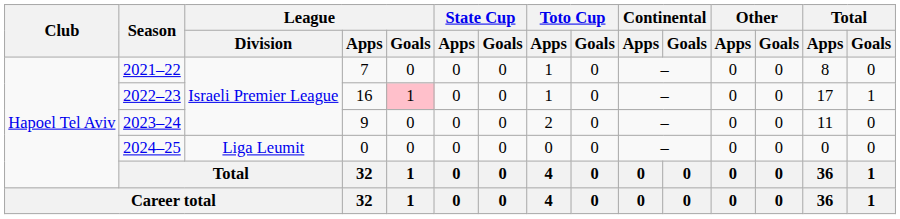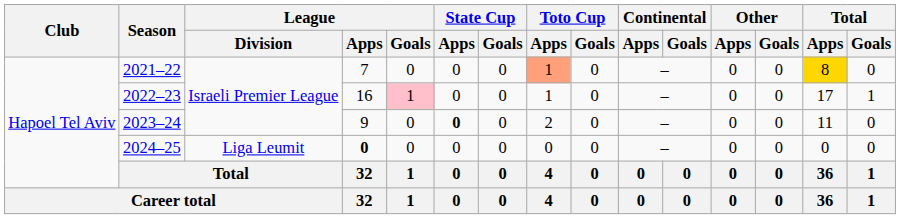 <table class="wikitable" style="text-align: center">
 <tr>
 <th rowspan="2">Club</th>
 <th rowspan="2">Season</th>
 <th colspan="3">League</th>
 <th colspan="2"><a href='#'>State Cup</a></th>
 <th colspan="2"><a href='#'>Toto Cup</a></th>
 <th colspan="2">Continental</th>
 <th colspan="2">Other</th>
 <th colspan="2">Total</th>
 </tr>
 <tr>
 <th>Division</th>
 <th>Apps</th>
 <th>Goals</th>
 <th>Apps</th>
 <th>Goals</th>
 <th>Apps</th>
 <th>Goals</th>
 <th>Apps</th>
 <th>Goals</th>
 <th>Apps</th>
 <th>Goals</th>
 <th>Apps</th>
 <th>Goals</th>
 </tr>
 <tr>
 <td rowspan="5"><a href='#'>Hapoel Tel Aviv</a></td>
 <td><a href='#'>2021–22</a></td>
 <td rowspan="3"><a href='#'>Israeli Premier League</a></td>
 <td>7</td>
 <td>0</td>
 <td>0</td>
 <td>0</td>
-<td>1</td>
+<td style="background: lightsalmon;">1</td>
 <td>0</td>
 <td colspan="2">–</td>
 <td>0</td>
 <td>0</td>
-<td>8</td>
+<td style="background: gold;">8</td>
 <td>0</td>
 </tr>
 <tr>
 <td><a href='#'>2022–23</a></td>
 <td>16</td>
 <td style="background: pink;">1</td>
 <td>0</td>
 <td>0</td>
 <td>1</td>
 <td>0</td>
 <td colspan="2">–</td>
 <td>0</td>
 <td>0</td>
 <td>17</td>
 <td>1</td>
 </tr>
 <tr>
 <td><a href='#'>2023–24</a></td>
 <td>9</td>
 <td>0</td>
-<td>0</td>
+<td><strong>0</strong></td>
 <td>0</td>
 <td>2</td>
 <td>0</td>
 <td colspan="2">–</td>
 <td>0</td>
 <td>0</td>
 <td>11</td>
 <td>0</td>
 </tr>
 <tr>
 <td><a href='#'>2024–25</a></td>
 <td rowspan="1"><a href='#'>Liga Leumit</a></td>
-<td>0</td>
+<td><strong>0</strong></td>
 <td>0</td>
 <td>0</td>
 <td>0</td>
 <td>0</td>
 <td>0</td>
 <td colspan="2">–</td>
 <td>0</td>
 <td>0</td>
 <td>0</td>
 <td>0</td>
 </tr>
 <tr>
 <th colspan="2"><strong>Total</strong></th>
 <th>32</th>
 <th>1</th>
 <th>0</th>
 <th>0</th>
 <th>4</th>
 <th>0</th>
 <th>0</th>
 <th>0</th>
 <th>0</th>
 <th>0</th>
 <th>36</th>
 <th>1</th>
 </tr>
 <tr>
 <th colspan="3"><strong>Career total</strong></th>
 <th>32</th>
 <th>1</th>
 <th>0</th>
 <th>0</th>
 <th>4</th>
 <th>0</th>
 <th>0</th>
 <th>0</th>
 <th>0</th>
 <th>0</th>
 <th>36</th>
 <th>1</th>
 </tr>
 </table>
